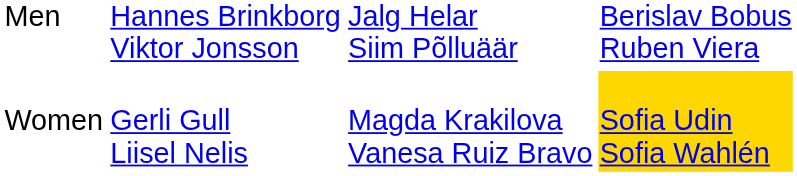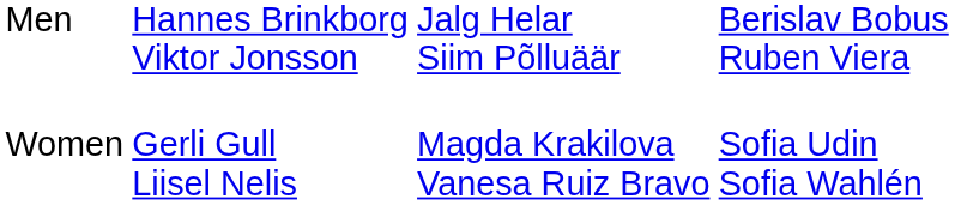 <table>
 <tr>
 <td>Men</td>
 <td><br><a href='#'>Hannes Brinkborg</a><br><a href='#'>Viktor Jonsson</a></td>
 <td><br><a href='#'>Jalg Helar</a><br><a href='#'>Siim Põlluäär</a></td>
 <td><br><a href='#'>Berislav Bobus</a><br><a href='#'>Ruben Viera</a></td>
 </tr>
 <tr>
 <td>Women</td>
 <td><br><a href='#'>Gerli Gull</a><br><a href='#'>Liisel Nelis</a></td>
 <td><br><a href='#'>Magda Krakilova</a><br><a href='#'>Vanesa Ruiz Bravo</a></td>
-<td style="background: gold;"><br><a href='#'>Sofia Udin</a><br><a href='#'>Sofia Wahlén</a></td>
+<td><br><a href='#'>Sofia Udin</a><br><a href='#'>Sofia Wahlén</a></td>
 </tr>
 </table>
